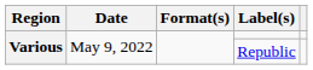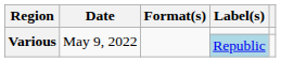 <table class="wikitable plainrowheaders">
 <tr>
 <th scope="col">Region</th>
 <th scope="col">Date</th>
 <th scope="col">Format(s)</th>
 <th scope="col">Label(s)</th>
 <th scope="col"></th>
 </tr>
 <tr>
 <th rowspan="2" scope="row">Various</th>
 <td rowspan="2">May 9, 2022</td>
 <td rowspan="2"></td>
 <td></td>
 <td style="text-align:center;"></td>
 </tr>
 <tr>
-<td><a href='#'>Republic</a></td>
+<td style="background: lightblue;"><a href='#'>Republic</a></td>
 <td style="text-align:center;"></td>
 </tr>
 </table>
